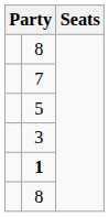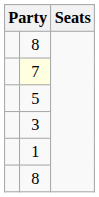 <table class="wikitable" style="font-size: 95%;">
 <tr>
 <th colspan=2>Party</th>
 <th>Seats</th>
 </tr>
 <tr>
 <td></td>
 <td align="center">8</td>
 </tr>
 <tr>
 <td></td>
-<td align="center">7</td>
+<td align="center" style="background: lightyellow;">7</td>
 </tr>
 <tr>
 <td></td>
 <td align="center">5</td>
 </tr>
 <tr>
 <td></td>
 <td align="center">3</td>
 </tr>
 <tr>
 <td></td>
-<td align="center"><strong>1</strong></td>
+<td align="center">1</td>
 </tr>
 <tr>
 <td></td>
 <td align="center">8</td>
 </tr>
 </table>
